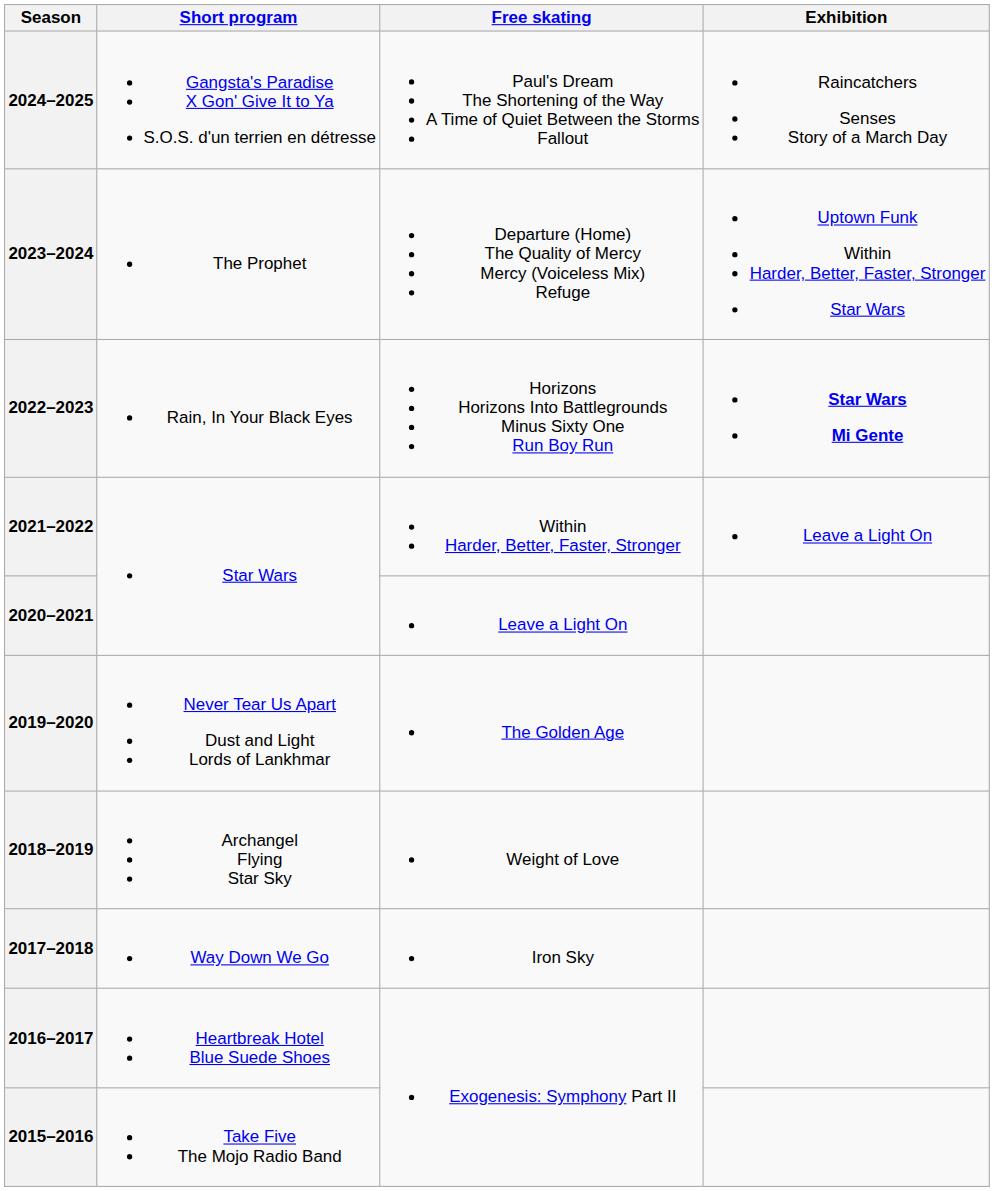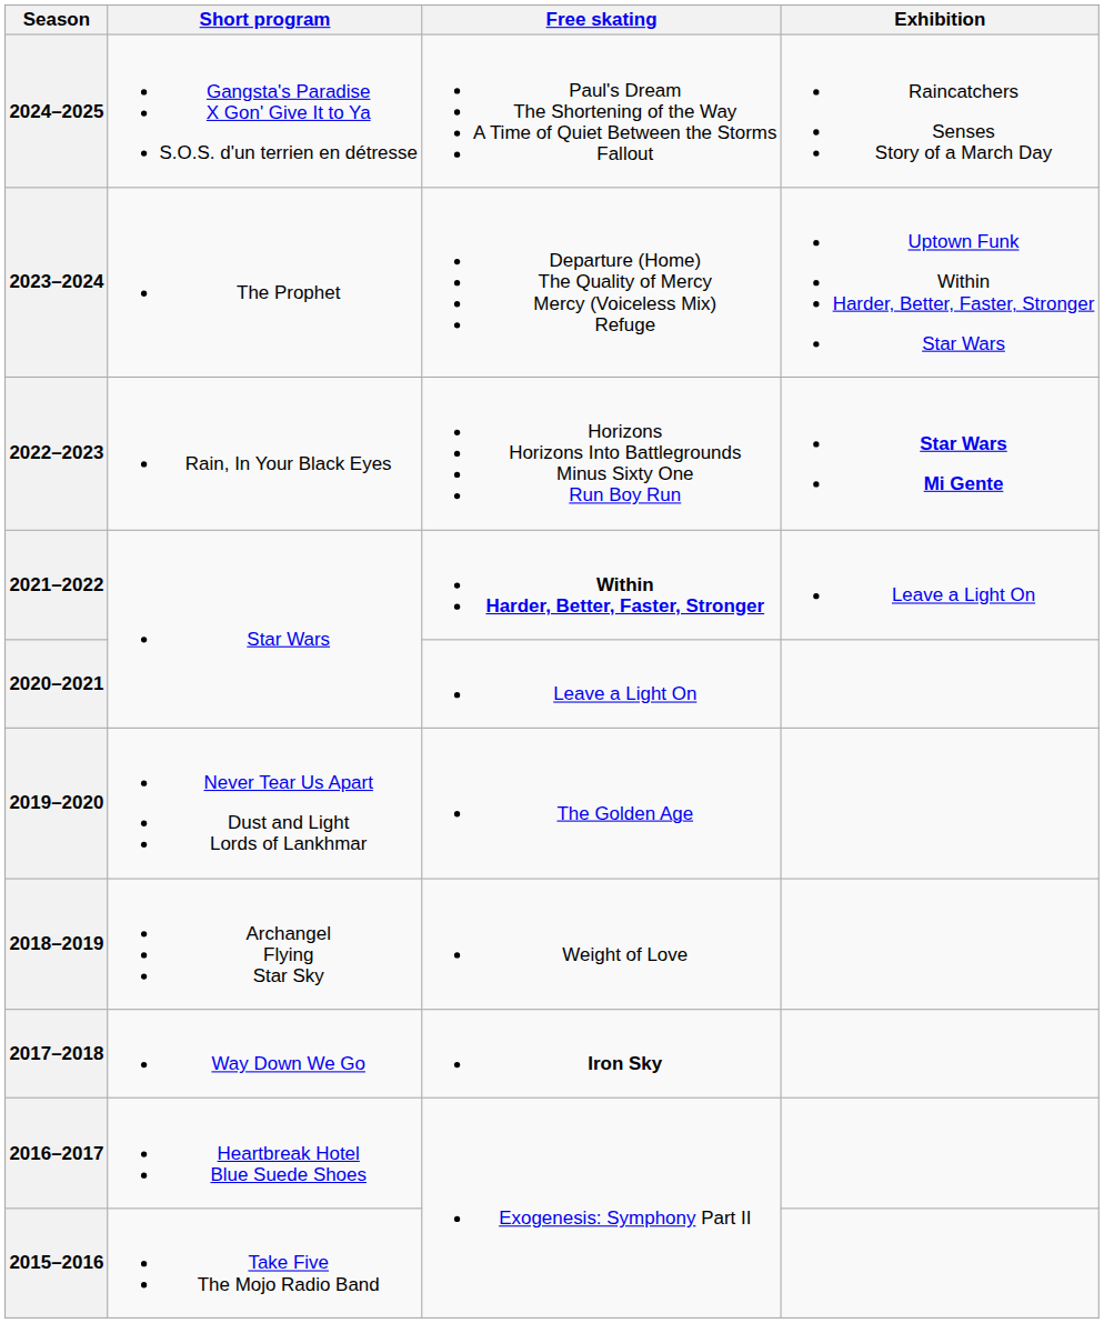 <table class=wikitable style=text-align:center>
 <tr>
 <th>Season</th>
 <th><a href='#'>Short program</a></th>
 <th><a href='#'>Free skating</a></th>
 <th>Exhibition</th>
 </tr>
 <tr>
 <th>2024–2025 <br> </th>
 <td><br><ul><li><a href='#'>Gangsta's Paradise</a> <br> </li><li><a href='#'>X Gon' Give It to Ya</a> <br> </li></ul><ul><li>S.O.S. d'un terrien en détresse <br> </li></ul></td>
 <td><br><ul><li>Paul's Dream</li><li>The Shortening of the Way</li><li>A Time of Quiet Between the Storms <br></li><li>Fallout <br></li></ul></td>
 <td><br><ul><li>Raincatchers <br> </li></ul><ul><li>Senses</li><li>Story of a March Day <br> </li></ul></td>
 </tr>
 <tr>
 <th>2023–2024 <br> </th>
 <td><br><ul><li>The Prophet <br></li></ul></td>
 <td><br><ul><li>Departure (Home)</li><li>The Quality of Mercy <br></li><li>Mercy (Voiceless Mix) <br></li><li>Refuge <br></li></ul></td>
 <td><br><ul><li><a href='#'>Uptown Funk</a> <br></li></ul><ul><li>Within</li><li><a href='#'>Harder, Better, Faster, Stronger</a> <br></li></ul><ul><li><a href='#'>Star Wars</a> <br></li></ul></td>
 </tr>
 <tr>
 <th>2022–2023 <br> </th>
 <td><br><ul><li>Rain, In Your Black Eyes <br></li></ul></td>
 <td><br><ul><li>Horizons <br></li><li>Horizons Into Battlegrounds</li><li>Minus Sixty One</li><li><a href='#'>Run Boy Run</a> <br></li></ul></td>
 <td><strong><br><ul><li><a href='#'>Star Wars</a> <br></li></ul><ul><li><a href='#'>Mi Gente</a> <br></li></ul></strong></td>
 </tr>
 <tr>
 <th>2021–2022 <br> </th>
 <td rowspan="2"><br><ul><li><a href='#'>Star Wars</a> <br></li></ul></td>
-<td><br><ul><li>Within</li><li><a href='#'>Harder, Better, Faster, Stronger</a> <br></li></ul></td>
+<td><strong><br><ul><li>Within</li><li><a href='#'>Harder, Better, Faster, Stronger</a> <br></li></ul></strong></td>
 <td><br><ul><li><a href='#'>Leave a Light On</a> <br></li></ul></td>
 </tr>
 <tr>
 <th>2020–2021 <br> </th>
 <td><br><ul><li><a href='#'>Leave a Light On</a> <br></li></ul></td>
 <td></td>
 </tr>
 <tr>
 <th>2019–2020 <br> </th>
 <td><br><ul><li><a href='#'>Never Tear Us Apart</a> <br> </li></ul><ul><li>Dust and Light <br></li><li>Lords of Lankhmar <br></li></ul></td>
 <td><br><ul><li><a href='#'>The Golden Age</a> <br></li></ul></td>
 <td></td>
 </tr>
 <tr>
 <th>2018–2019 <br> </th>
 <td><br><ul><li>Archangel <br></li><li>Flying <br></li><li>Star Sky <br></li></ul></td>
 <td><br><ul><li>Weight of Love <br></li></ul></td>
 <td></td>
 </tr>
 <tr>
 <th>2017–2018 <br> </th>
 <td><br><ul><li><a href='#'>Way Down We Go</a> <br></li></ul></td>
-<td><br><ul><li>Iron Sky <br></li></ul></td>
+<td><strong><br><ul><li>Iron Sky <br></li></ul></strong></td>
 <td></td>
 </tr>
 <tr>
 <th>2016–2017 <br> </th>
 <td><br><ul><li><a href='#'>Heartbreak Hotel</a></li><li><a href='#'>Blue Suede Shoes</a> <br></li></ul></td>
 <td rowspan="2"><br><ul><li><a href='#'>Exogenesis: Symphony</a> Part II <br></li></ul></td>
 <td></td>
 </tr>
 <tr>
 <th>2015–2016 <br> </th>
 <td><br><ul><li><a href='#'>Take Five</a> <br></li><li>The Mojo Radio Band <br></li></ul></td>
 <td></td>
 </tr>
 </table>
